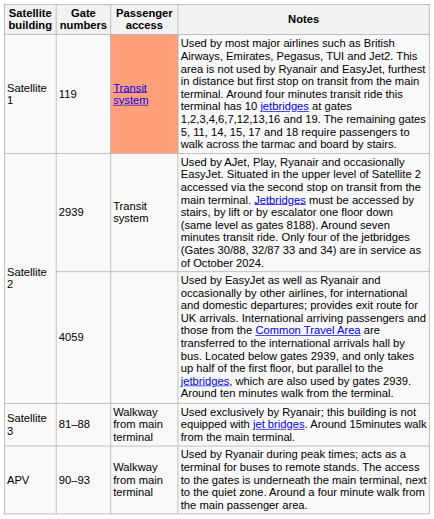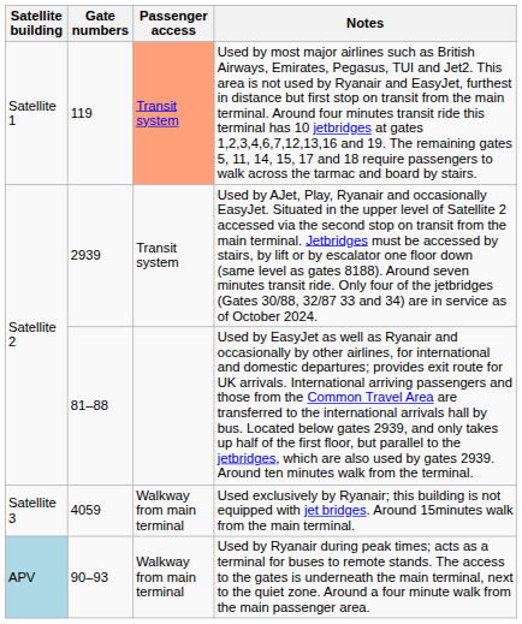 <table class="wikitable">
 <tr>
 <th>Satellite building</th>
 <th>Gate numbers</th>
 <th>Passenger access</th>
 <th>Notes</th>
 </tr>
 <tr>
 <td>Satellite 1</td>
 <td>119</td>
 <td style="background: lightsalmon;"><a href='#'>Transit system</a></td>
 <td>Used by most major airlines such as British Airways, Emirates, Pegasus, TUI and Jet2. This area is not used by Ryanair and EasyJet, furthest in distance but first stop on transit from the main terminal. Around four minutes transit ride this terminal has 10 <a href='#'>jetbridges</a> at gates 1,2,3,4,6,7,12,13,16 and 19. The remaining gates  5, 11, 14, 15, 17 and 18 require passengers to walk across the tarmac and board by stairs.</td>
 </tr>
 <tr>
 <td rowspan="2">Satellite 2</td>
 <td>2939</td>
 <td>Transit system</td>
 <td>Used by AJet, Play, Ryanair and occasionally EasyJet. Situated in the upper level of Satellite 2 accessed via the second stop on transit from the main terminal. <a href='#'>Jetbridges</a> must be accessed by stairs, by lift or by escalator one floor down (same level as gates 8188). Around seven minutes transit ride. Only four of the jetbridges (Gates 30/88, 32/87 33 and 34) are in service as of October 2024.</td>
 </tr>
 <tr>
-<td>4059</td>
+<td>81–88</td>
 <td></td>
 <td>Used by EasyJet as well as Ryanair and occasionally by other airlines, for international and domestic departures; provides exit route for UK arrivals. International arriving passengers and those from the <a href='#'>Common Travel Area</a> are transferred to the international arrivals hall by bus. Located below gates 2939, and only takes up half of the first floor, but parallel to the <a href='#'>jetbridges</a>, which are also used by gates 2939. Around ten minutes walk from the terminal.</td>
 </tr>
 <tr>
 <td>Satellite 3</td>
-<td>81–88</td>
+<td>4059</td>
 <td>Walkway from main terminal</td>
 <td>Used exclusively by Ryanair; this building is not equipped with <a href='#'>jet bridges</a>. Around 15minutes walk from the main terminal.</td>
 </tr>
 <tr>
-<td>APV</td>
+<td style="background: lightblue;">APV</td>
 <td>90–93</td>
 <td>Walkway from main terminal</td>
 <td>Used by Ryanair during peak times; acts as a terminal for buses to remote stands. The access to the gates is underneath the main terminal, next to the quiet zone. Around a four minute walk from the main passenger area.</td>
 </tr>
 </table>
